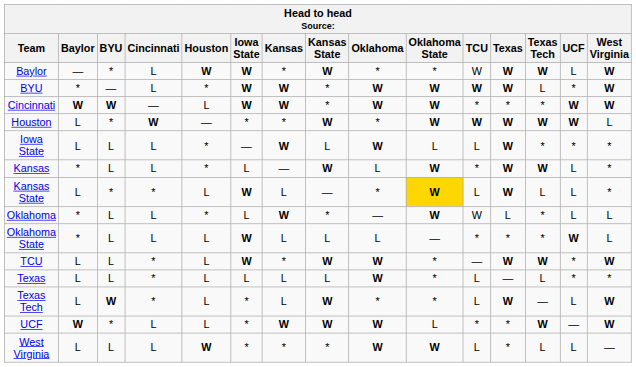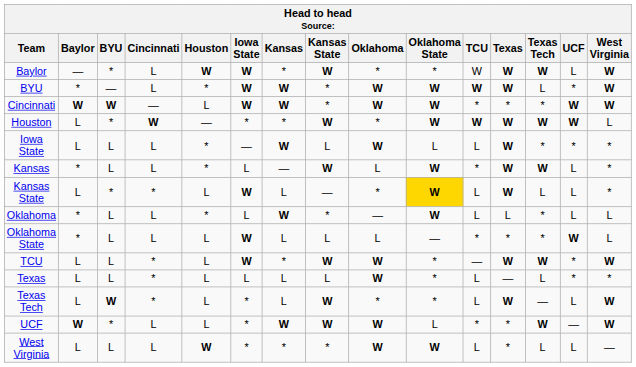 <table class="wikitable" style="font-size:95%; text-align:center;">
 <tr>
 <th colspan=16>Head to head<br><small>Source: </small></th>
 </tr>
 <tr>
 <th style="width:100px;">Team</th>
 <th>Baylor</th>
 <th>BYU</th>
 <th>Cincinnati</th>
 <th>Houston</th>
 <th>Iowa State</th>
 <th>Kansas</th>
 <th>Kansas State</th>
 <th>Oklahoma</th>
 <th>Oklahoma State</th>
 <th>TCU</th>
 <th>Texas</th>
 <th>Texas Tech</th>
 <th>UCF</th>
 <th>West Virginia</th>
 </tr>
 <tr>
 <td><a href='#'>Baylor</a></td>
 <td>—</td>
 <td>*</td>
 <td>L</td>
 <td><strong>W</strong></td>
 <td><strong>W</strong></td>
 <td>*</td>
 <td><strong>W</strong></td>
 <td>*</td>
 <td>*</td>
 <td>W</td>
 <td><strong>W</strong></td>
 <td><strong>W</strong></td>
 <td>L</td>
 <td><strong>W</strong></td>
 </tr>
 <tr>
 <td><a href='#'>BYU</a></td>
 <td>*</td>
 <td>—</td>
 <td>L</td>
 <td>*</td>
 <td><strong>W</strong></td>
 <td><strong>W</strong></td>
 <td>*</td>
 <td><strong>W</strong></td>
 <td><strong>W</strong></td>
 <td><strong>W</strong></td>
 <td><strong>W</strong></td>
 <td>L</td>
 <td>*</td>
 <td><strong>W</strong></td>
 </tr>
 <tr>
 <td><a href='#'>Cincinnati</a></td>
 <td><strong>W</strong></td>
 <td><strong>W</strong></td>
 <td>—</td>
 <td>L</td>
 <td><strong>W</strong></td>
 <td><strong>W</strong></td>
 <td>*</td>
 <td><strong>W</strong></td>
 <td><strong>W</strong></td>
 <td>*</td>
 <td>*</td>
 <td>*</td>
 <td><strong>W</strong></td>
 <td><strong>W</strong></td>
 </tr>
 <tr>
 <td><a href='#'>Houston</a></td>
 <td>L</td>
 <td>*</td>
 <td><strong>W</strong></td>
 <td>—</td>
 <td>*</td>
 <td>*</td>
 <td><strong>W</strong></td>
 <td>*</td>
 <td><strong>W</strong></td>
 <td><strong>W</strong></td>
 <td><strong>W</strong></td>
 <td><strong>W</strong></td>
 <td><strong>W</strong></td>
 <td>L</td>
 </tr>
 <tr>
 <td><a href='#'>Iowa State</a></td>
 <td>L</td>
 <td>L</td>
 <td>L</td>
 <td>*</td>
 <td>—</td>
 <td><strong>W</strong></td>
 <td>L</td>
 <td><strong>W</strong></td>
 <td>L</td>
 <td>L</td>
 <td><strong>W</strong></td>
 <td>*</td>
 <td>*</td>
 <td>*</td>
 </tr>
 <tr>
 <td><a href='#'>Kansas</a></td>
 <td>*</td>
 <td>L</td>
 <td>L</td>
 <td>*</td>
 <td>L</td>
 <td>—</td>
 <td><strong>W</strong></td>
 <td>L</td>
 <td><strong>W</strong></td>
 <td>*</td>
 <td><strong>W</strong></td>
 <td><strong>W</strong></td>
 <td>L</td>
 <td>*</td>
 </tr>
 <tr>
 <td><a href='#'>Kansas State</a></td>
 <td>L</td>
 <td>*</td>
 <td>*</td>
 <td>L</td>
 <td><strong>W</strong></td>
 <td>L</td>
 <td>—</td>
 <td>*</td>
 <td style="background: gold;"><strong>W</strong></td>
 <td>L</td>
 <td><strong>W</strong></td>
 <td>L</td>
 <td>L</td>
 <td>*</td>
 </tr>
 <tr>
 <td><a href='#'>Oklahoma</a></td>
 <td>*</td>
 <td>L</td>
 <td>L</td>
 <td>*</td>
 <td>L</td>
 <td><strong>W</strong></td>
 <td>*</td>
 <td>—</td>
 <td><strong>W</strong></td>
-<td>W</td>
+<td>L</td>
 <td>L</td>
 <td>*</td>
 <td>L</td>
 <td>L</td>
 </tr>
 <tr>
 <td><a href='#'>Oklahoma State</a></td>
 <td>*</td>
 <td>L</td>
 <td>L</td>
 <td>L</td>
 <td><strong>W</strong></td>
 <td>L</td>
 <td>L</td>
 <td>L</td>
 <td>—</td>
 <td>*</td>
 <td>*</td>
 <td>*</td>
 <td><strong>W</strong></td>
 <td>L</td>
 </tr>
 <tr>
 <td><a href='#'>TCU</a></td>
 <td>L</td>
 <td>L</td>
 <td>*</td>
 <td>L</td>
 <td><strong>W</strong></td>
 <td>*</td>
 <td><strong>W</strong></td>
 <td><strong>W</strong></td>
 <td>*</td>
 <td>—</td>
 <td><strong>W</strong></td>
 <td><strong>W</strong></td>
 <td>*</td>
 <td><strong>W</strong></td>
 </tr>
 <tr>
 <td><a href='#'>Texas</a></td>
 <td>L</td>
 <td>L</td>
 <td>*</td>
 <td>L</td>
 <td>L</td>
 <td>L</td>
 <td>L</td>
 <td><strong>W</strong></td>
 <td>*</td>
 <td>L</td>
 <td>—</td>
 <td>L</td>
 <td>*</td>
 <td>*</td>
 </tr>
 <tr>
 <td><a href='#'>Texas Tech</a></td>
 <td>L</td>
 <td><strong>W</strong></td>
 <td>*</td>
 <td>L</td>
 <td>*</td>
 <td>L</td>
 <td><strong>W</strong></td>
 <td>*</td>
 <td>*</td>
 <td>L</td>
 <td><strong>W</strong></td>
 <td>—</td>
 <td>L</td>
 <td><strong>W</strong></td>
 </tr>
 <tr>
 <td><a href='#'>UCF</a></td>
 <td><strong>W</strong></td>
 <td>*</td>
 <td>L</td>
 <td>L</td>
 <td>*</td>
 <td><strong>W</strong></td>
 <td><strong>W</strong></td>
 <td><strong>W</strong></td>
 <td>L</td>
 <td>*</td>
 <td>*</td>
 <td><strong>W</strong></td>
 <td>—</td>
 <td><strong>W</strong></td>
 </tr>
 <tr>
 <td><a href='#'>West Virginia</a></td>
 <td>L</td>
 <td>L</td>
 <td>L</td>
 <td><strong>W</strong></td>
 <td>*</td>
 <td>*</td>
 <td>*</td>
 <td><strong>W</strong></td>
 <td><strong>W</strong></td>
 <td>L</td>
 <td>*</td>
 <td>L</td>
 <td>L</td>
 <td>—</td>
 </tr>
 </table>
